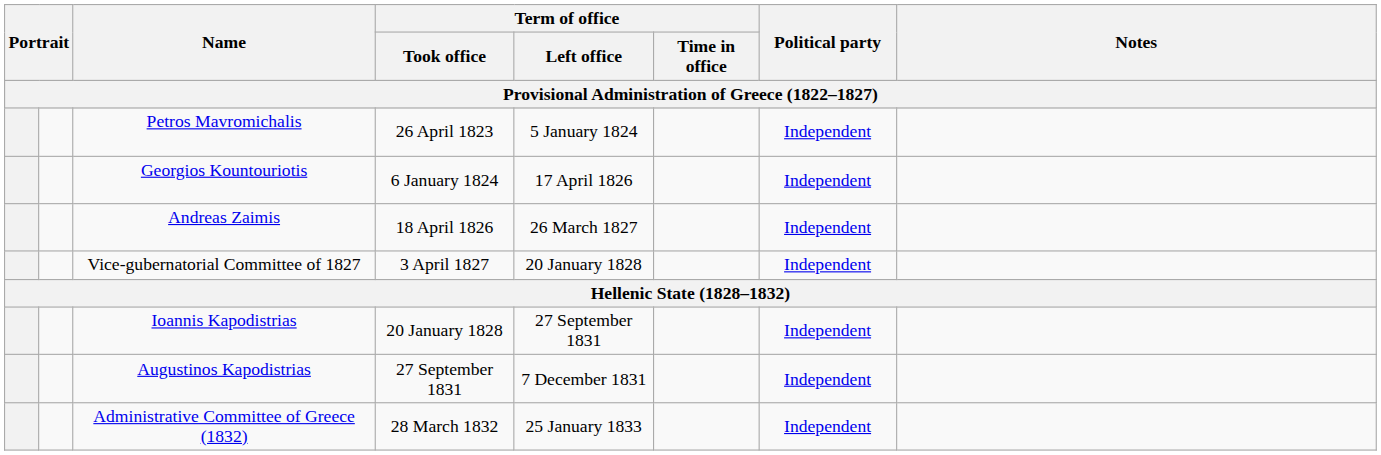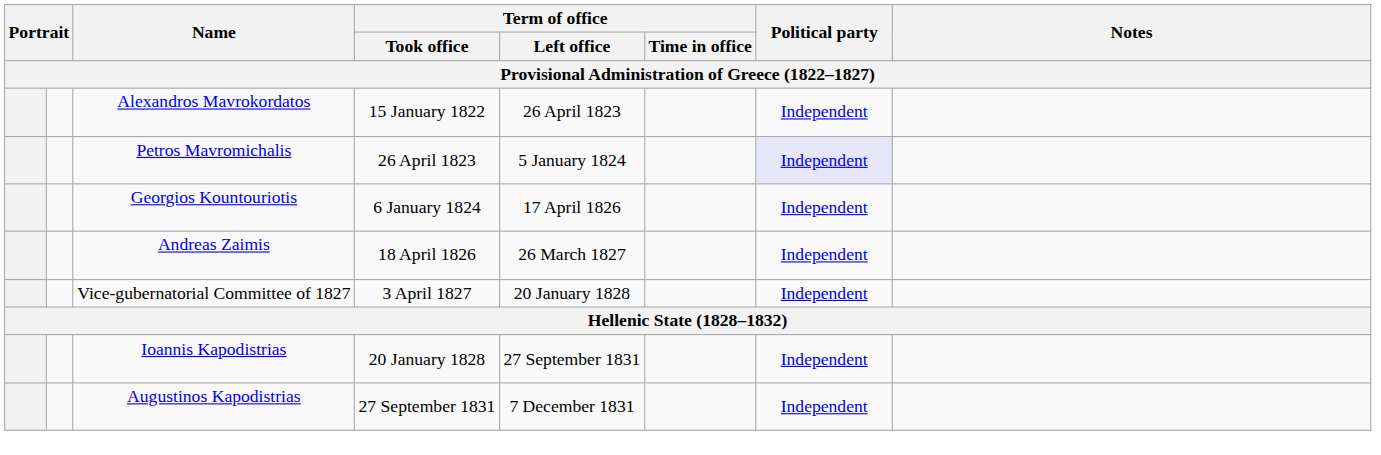 <table class="wikitable" style="text-align:center">
 <tr>
 <th colspan="2" rowspan="2">Portrait</th>
 <th rowspan="2">Name<br></th>
 <th colspan="3">Term of office</th>
 <th rowspan="2" style="width:10%;">Political party</th>
 <th rowspan="2" style="width:35%;">Notes</th>
 </tr>
 <tr>
 <th>Took office</th>
 <th>Left office</th>
 <th>Time in office</th>
 </tr>
 <tr style="background:#ccc;">
 <th colspan="8">Provisional Administration of Greece (1822–1827)</th>
 </tr>
 <tr>
+<th style="background:"> </th>
+<td></td>
+<td><a href='#'>Alexandros Mavrokordatos</a><br><br></td>
+<td>15 January 1822</td>
+<td>26 April 1823</td>
+<td></td>
+<td><a href='#'>Independent</a></td>
+<td></td>
+</tr>
+<tr>
 <th style="background:"></th>
 <td></td>
 <td><a href='#'>Petros Mavromichalis</a><br><br></td>
 <td>26 April 1823</td>
 <td>5 January 1824</td>
 <td></td>
-<td><a href='#'>Independent</a></td>
+<td style="background: lavender;"><a href='#'>Independent</a></td>
 <td></td>
 </tr>
 <tr>
 <th style="background:"></th>
 <td></td>
 <td><a href='#'>Georgios Kountouriotis</a><br><br></td>
 <td>6 January 1824</td>
 <td>17 April 1826</td>
 <td></td>
 <td><a href='#'>Independent</a></td>
 <td></td>
 </tr>
 <tr>
 <th style="background:"></th>
 <td></td>
 <td><a href='#'>Andreas Zaimis</a><br><br></td>
 <td>18 April 1826</td>
 <td>26 March 1827</td>
 <td></td>
 <td><a href='#'>Independent</a></td>
 <td></td>
 </tr>
 <tr>
 <th style="background:"></th>
 <td></td>
 <td>Vice-gubernatorial Committee of 1827</td>
 <td>3 April 1827</td>
 <td>20 January 1828</td>
 <td></td>
 <td><a href='#'>Independent</a></td>
 <td></td>
 </tr>
 <tr>
 <th colspan="8">Hellenic State (1828–1832)</th>
 </tr>
 <tr>
 <th style="background:"></th>
 <td></td>
 <td><a href='#'>Ioannis Kapodistrias</a><br><br></td>
 <td>20 January 1828</td>
 <td>27 September 1831</td>
 <td></td>
 <td><a href='#'>Independent</a></td>
 <td></td>
 </tr>
 <tr>
 <th style="background:"></th>
 <td></td>
 <td><a href='#'>Augustinos Kapodistrias</a><br><br></td>
 <td>27 September 1831</td>
 <td>7 December 1831</td>
 <td></td>
 <td><a href='#'>Independent</a></td>
 <td></td>
 </tr>
-<tr>
-<th style="background:"></th>
-<td></td>
-<td><a href='#'>Administrative Committee of Greece (1832)</a></td>
-<td>28 March 1832</td>
-<td>25 January 1833</td>
-<td></td>
-<td><a href='#'>Independent</a></td>
-<td></td>
-</tr>
 </table>
